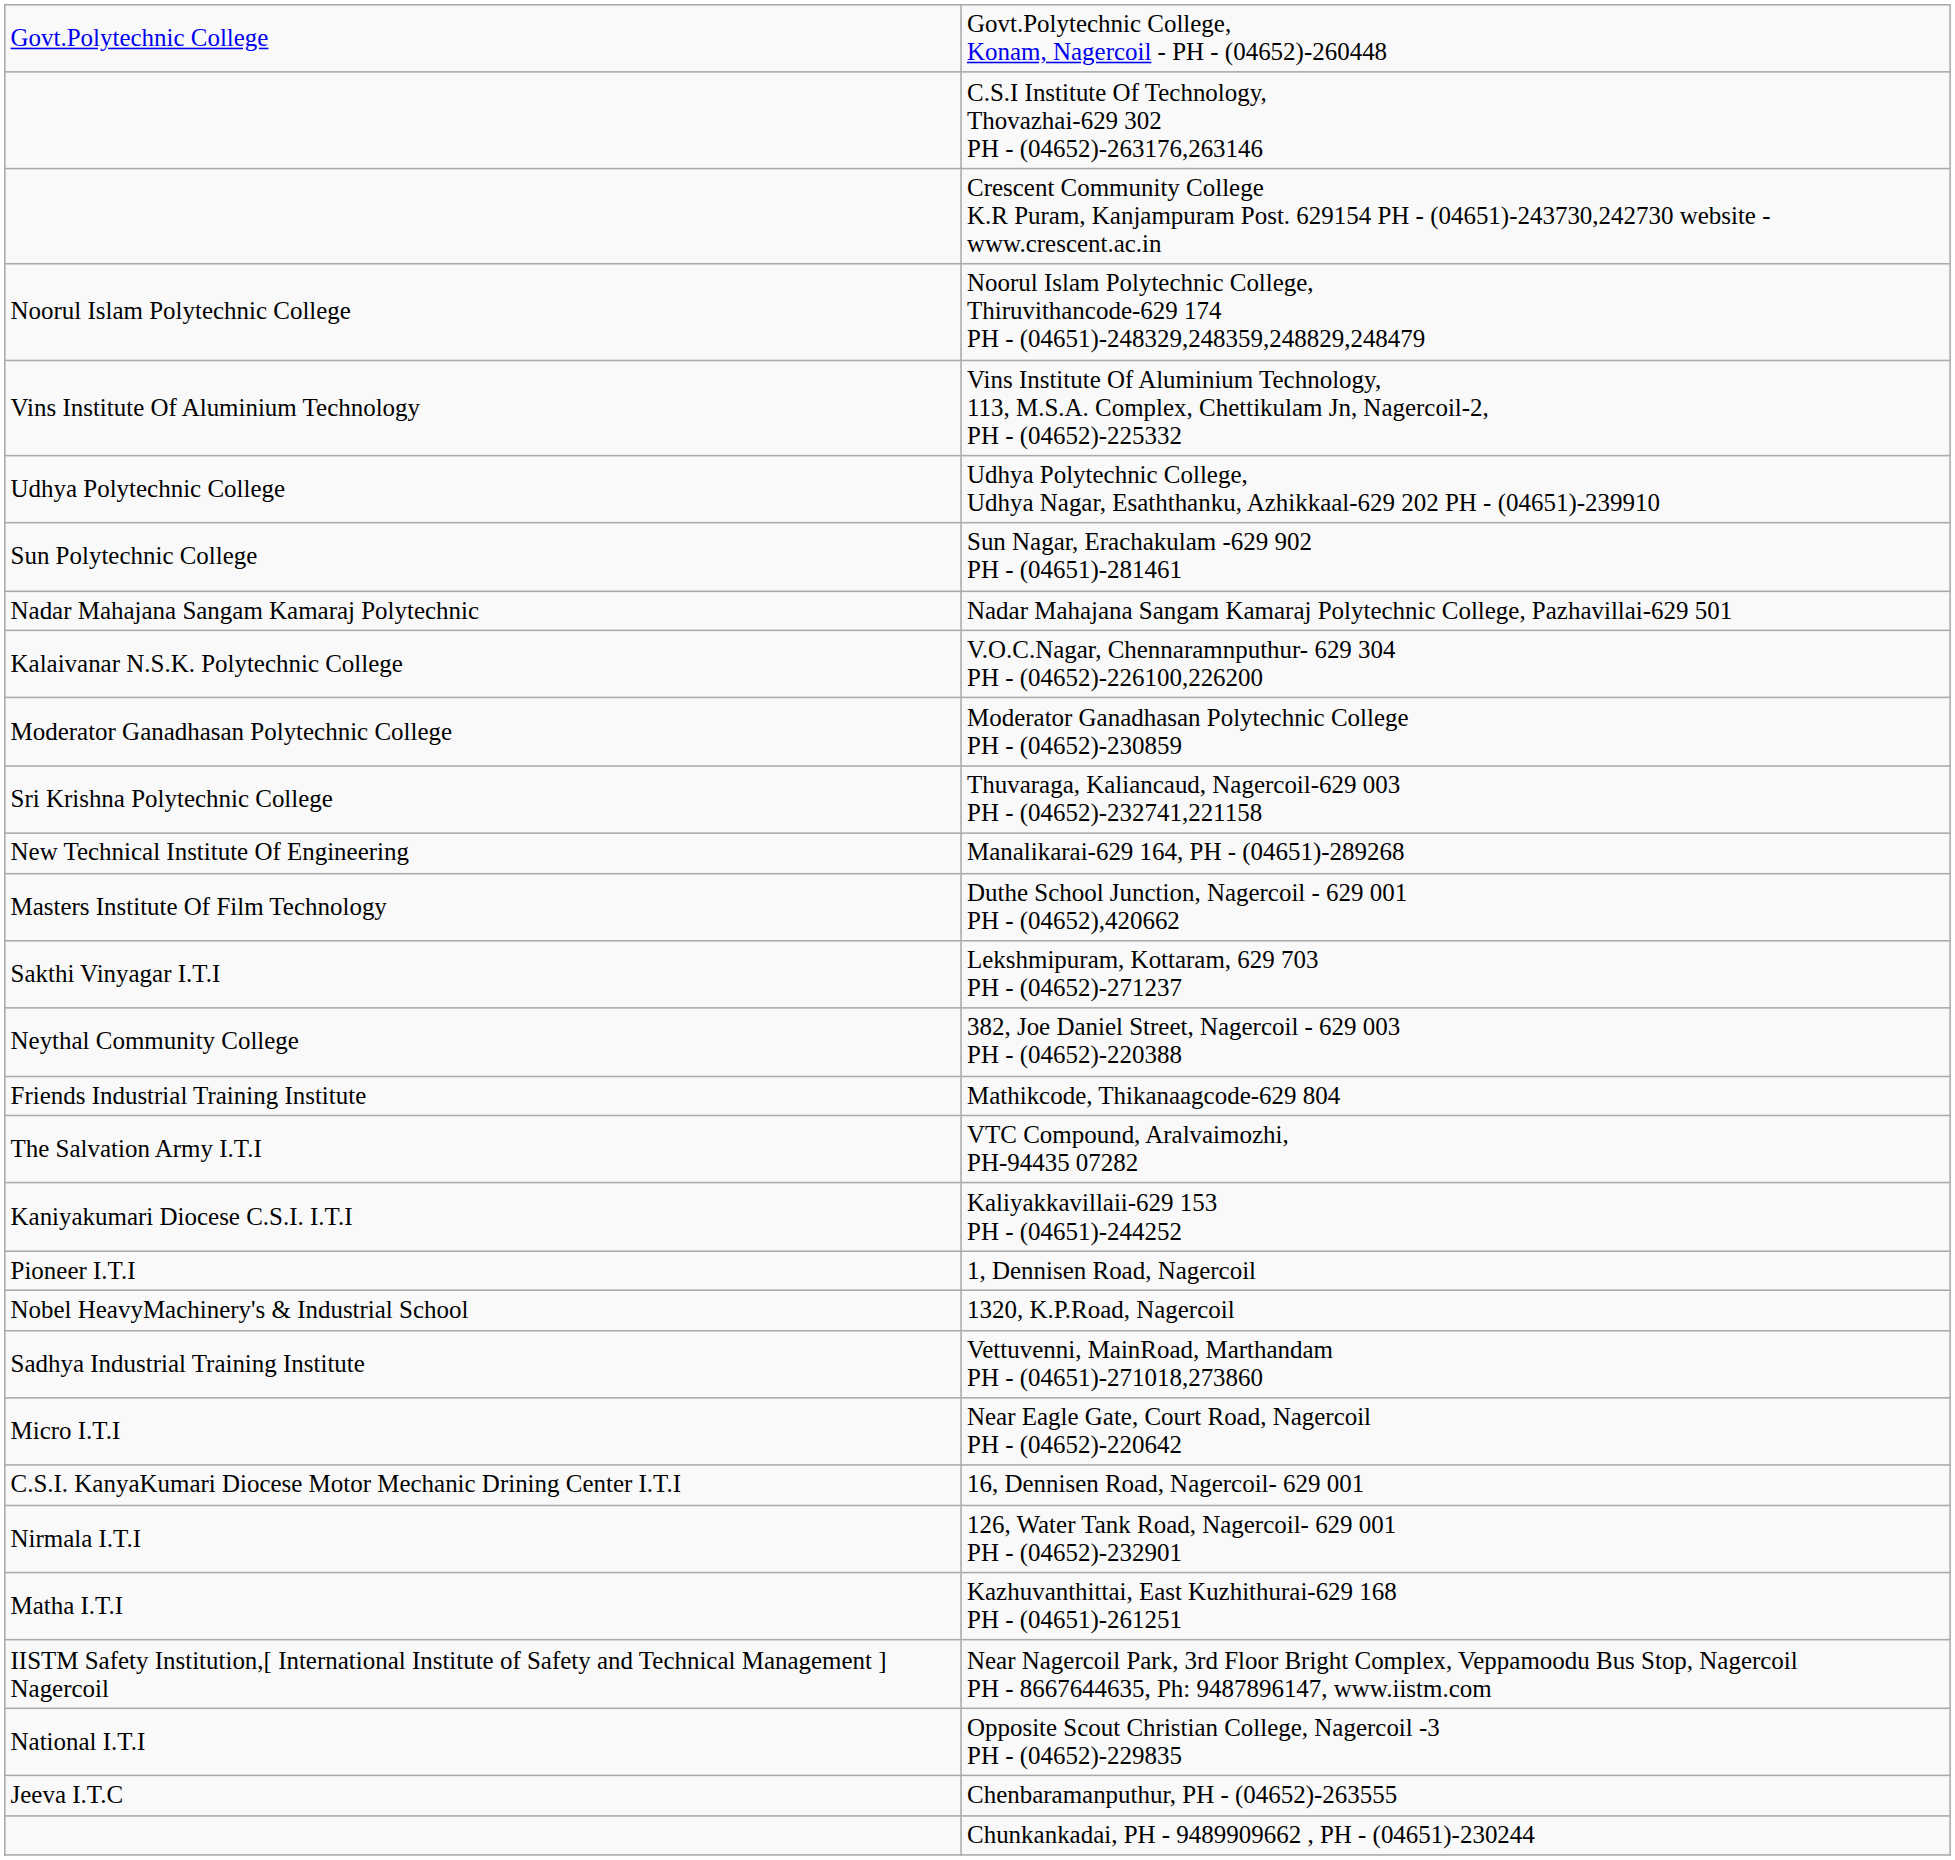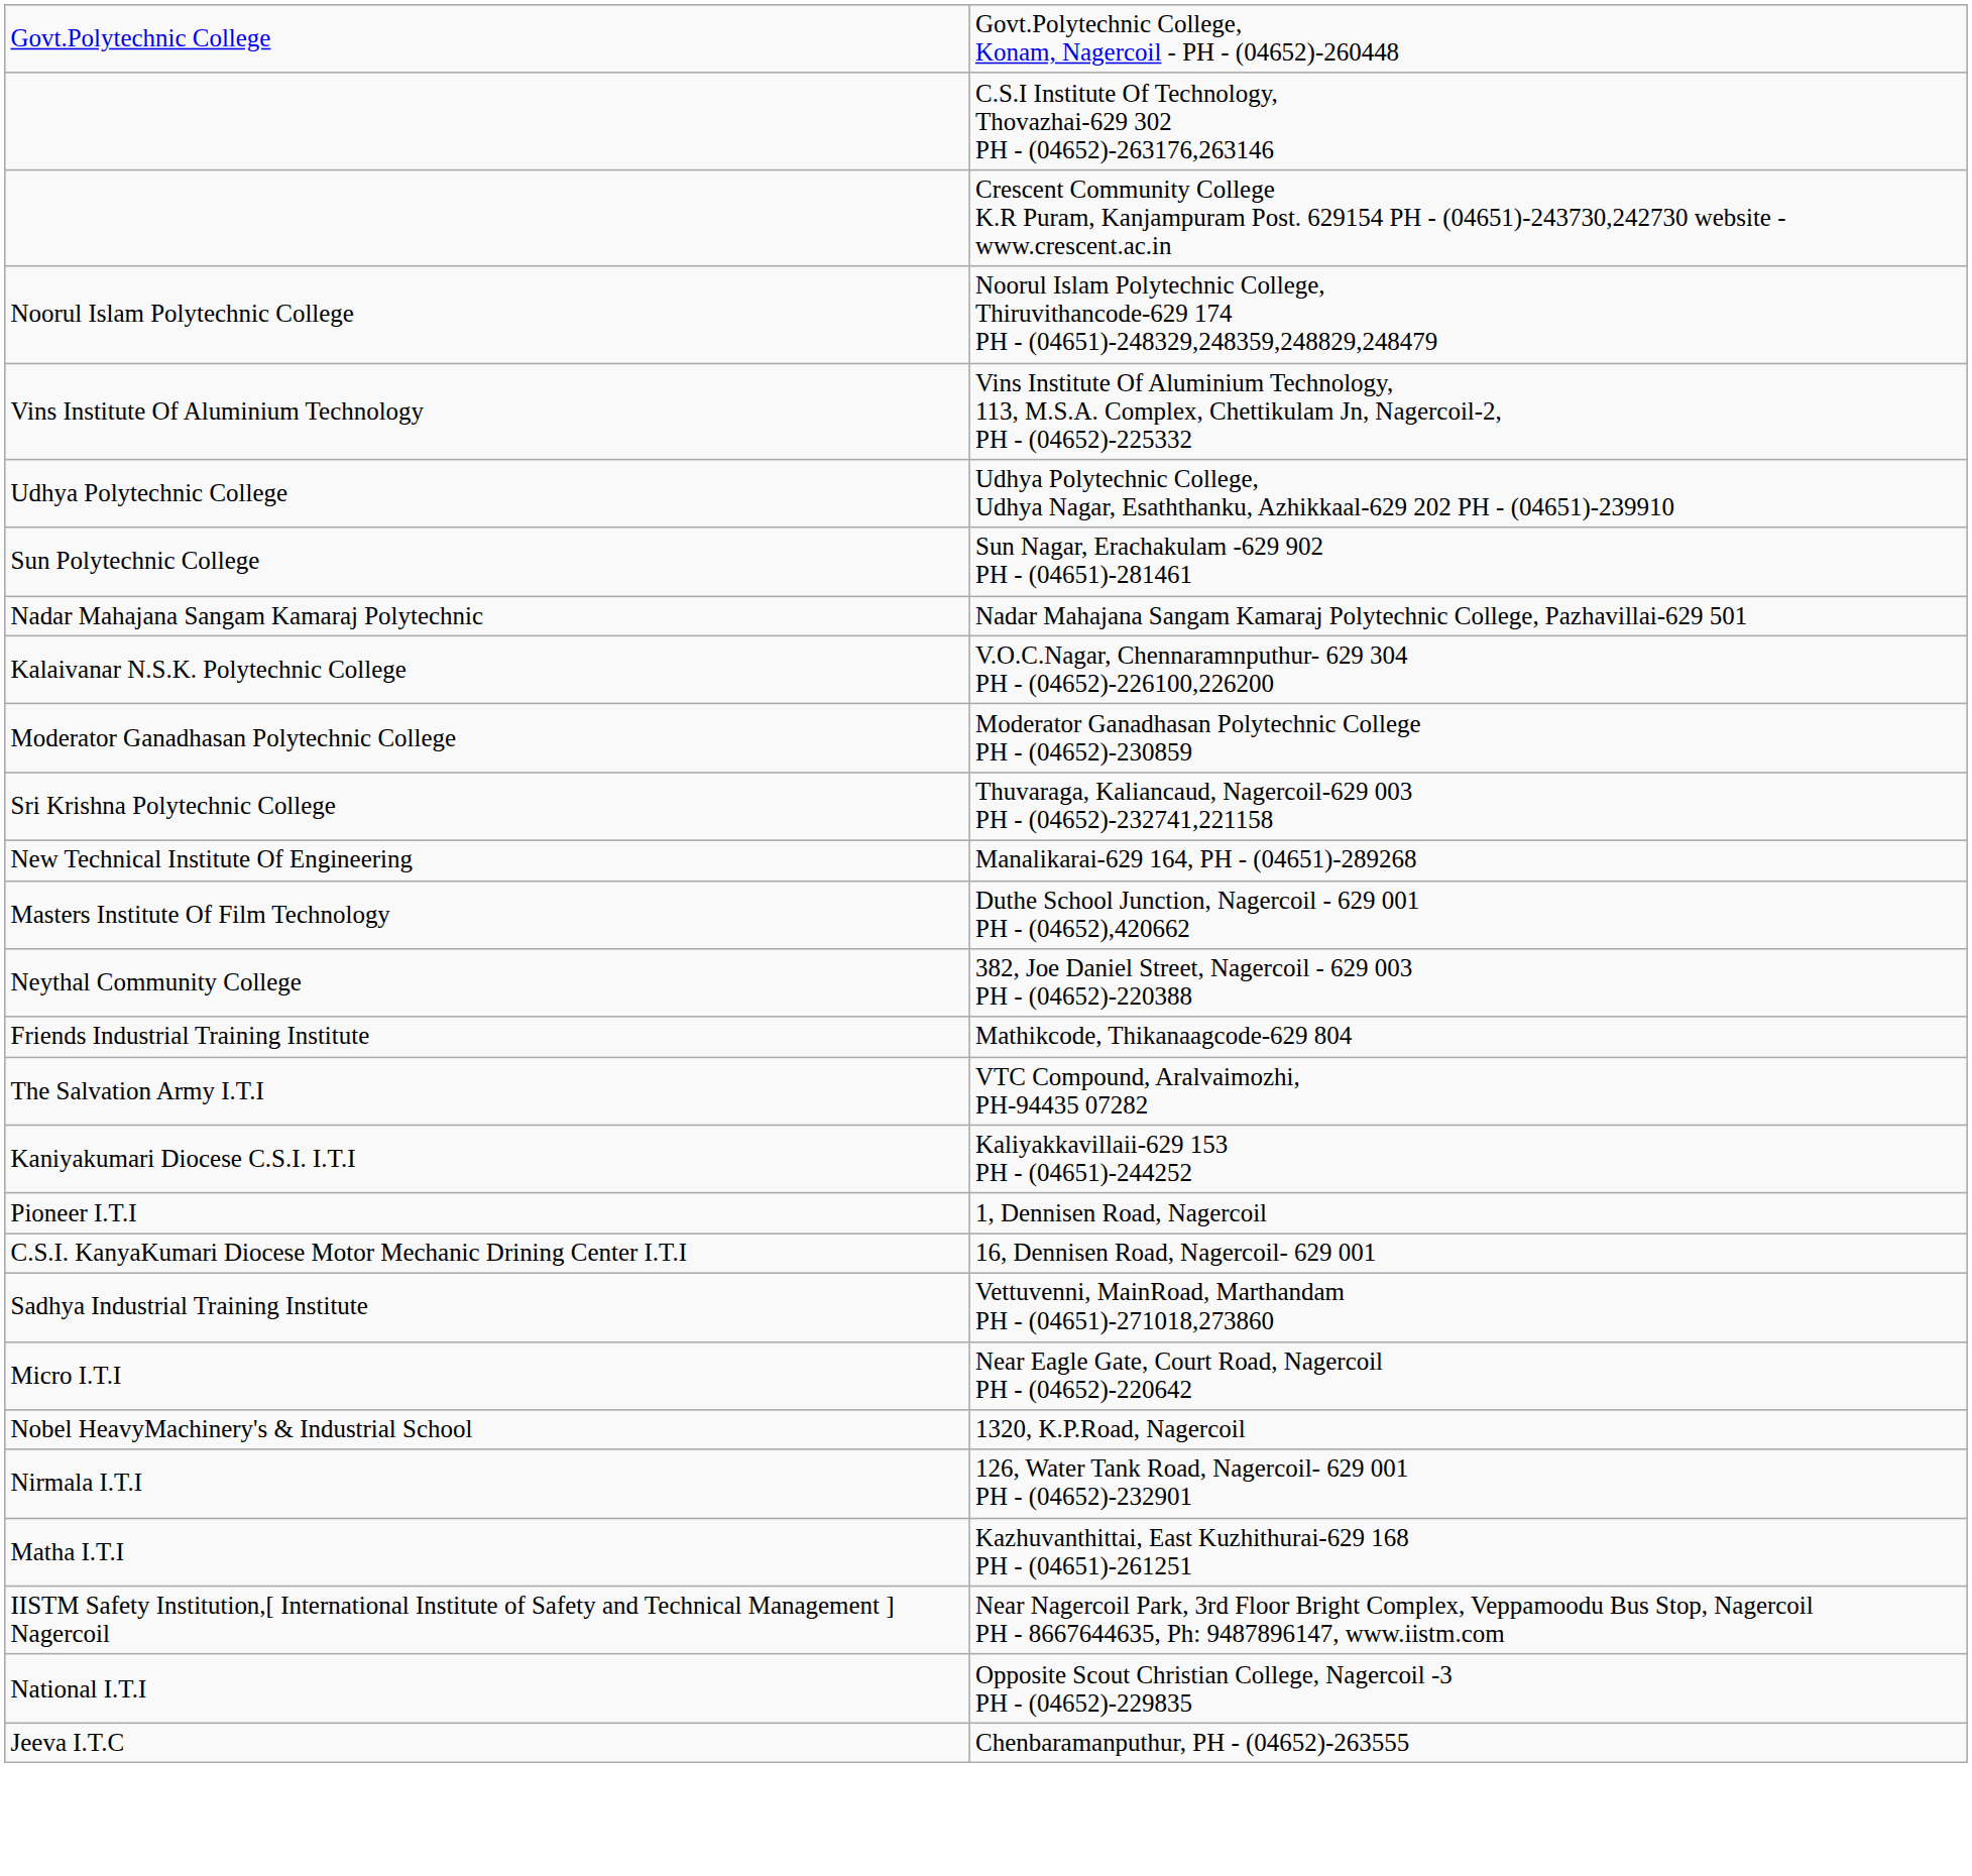 <table class="wikitable">
 <tr>
 <td><a href='#'>Govt.Polytechnic  College</a></td>
 <td>Govt.Polytechnic College,<br><a href='#'>Konam, Nagercoil</a> - PH - (04652)-260448</td>
 </tr>
 <tr>
 <td></td>
 <td>C.S.I  Institute Of Technology,<br>Thovazhai-629 302<br>PH - (04652)-263176,263146</td>
 </tr>
 <tr>
 <td></td>
 <td>Crescent Community College<br>K.R Puram, Kanjampuram Post.  629154  PH - (04651)-243730,242730 website - www.crescent.ac.in</td>
 </tr>
 <tr>
 <td>Noorul Islam  Polytechnic College</td>
 <td>Noorul Islam  Polytechnic College,<br>Thiruvithancode-629 174<br>PH - (04651)-248329,248359,248829,248479</td>
 </tr>
 <tr>
 <td>Vins  Institute Of Aluminium Technology</td>
 <td>Vins  Institute Of Aluminium Technology,<br>113, M.S.A. Complex, Chettikulam Jn, Nagercoil-2,<br>PH - (04652)-225332</td>
 </tr>
 <tr>
 <td>Udhya  Polytechnic College</td>
 <td>Udhya  Polytechnic College,<br>Udhya Nagar, Esaththanku, Azhikkaal-629 202 PH - (04651)-239910</td>
 </tr>
 <tr>
 <td>Sun  Polytechnic College</td>
 <td>Sun  Nagar, Erachakulam -629 902<br>PH - (04651)-281461</td>
 </tr>
 <tr>
 <td>Nadar Mahajana  Sangam Kamaraj Polytechnic</td>
 <td>Nadar  Mahajana Sangam Kamaraj Polytechnic College, Pazhavillai-629 501</td>
 </tr>
 <tr>
 <td>Kalaivanar  N.S.K. Polytechnic College</td>
 <td>V.O.C.Nagar,  Chennaramnputhur- 629 304<br>PH - (04652)-226100,226200</td>
 </tr>
 <tr>
 <td>Moderator  Ganadhasan Polytechnic College</td>
 <td>Moderator  Ganadhasan Polytechnic College<br>PH - (04652)-230859</td>
 </tr>
 <tr>
 <td>Sri Krishna  Polytechnic College</td>
 <td>Thuvaraga, Kaliancaud, Nagercoil-629  003<br>PH - (04652)-232741,221158</td>
 </tr>
 <tr>
 <td>New  Technical Institute Of Engineering</td>
 <td>Manalikarai-629  164, PH - (04651)-289268</td>
 </tr>
 <tr>
 <td>Masters  Institute Of Film Technology</td>
 <td>Duthe  School Junction, Nagercoil - 629 001<br>PH - (04652),420662</td>
 </tr>
 <tr>
-<td>Sakthi  Vinyagar I.T.I</td>
-<td>Lekshmipuram,  Kottaram, 629 703<br>PH - (04652)-271237</td>
-</tr>
-<tr>
 <td>Neythal  Community College</td>
 <td>382,  Joe Daniel Street, Nagercoil - 629 003<br>PH - (04652)-220388</td>
 </tr>
 <tr>
 <td>Friends Industrial Training Institute</td>
 <td>Mathikcode, Thikanaagcode-629  804</td>
 </tr>
 <tr>
 <td>The Salvation Army I.T.I</td>
 <td>VTC Compound, Aralvaimozhi,<br>PH-94435 07282</td>
 </tr>
 <tr>
 <td>Kaniyakumari  Diocese C.S.I. I.T.I</td>
 <td>Kaliyakkavillaii-629  153<br>PH - (04651)-244252</td>
 </tr>
 <tr>
 <td>Pioneer  I.T.I</td>
 <td>1,  Dennisen Road, Nagercoil</td>
 </tr>
 <tr>
-<td>Nobel  HeavyMachinery's & Industrial School</td>
-<td>1320,  K.P.Road, Nagercoil</td>
+<td>C.S.I.  KanyaKumari Diocese Motor Mechanic Drining Center I.T.I</td>
+<td>16, Dennisen Road, Nagercoil- 629 001</td>
 </tr>
 <tr>
 <td>Sadhya  Industrial Training Institute</td>
 <td>Vettuvenni,  MainRoad, Marthandam<br>PH - (04651)-271018,273860</td>
 </tr>
 <tr>
 <td>Micro I.T.I</td>
 <td>Near  Eagle Gate, Court Road, Nagercoil<br>PH - (04652)-220642</td>
 </tr>
 <tr>
-<td>C.S.I.  KanyaKumari Diocese Motor Mechanic Drining Center I.T.I</td>
-<td>16, Dennisen Road, Nagercoil- 629 001</td>
+<td>Nobel  HeavyMachinery's & Industrial School</td>
+<td>1320,  K.P.Road, Nagercoil</td>
 </tr>
 <tr>
 <td>Nirmala  I.T.I</td>
 <td>126,  Water Tank Road, Nagercoil- 629 001<br>PH - (04652)-232901</td>
 </tr>
 <tr>
 <td>Matha I.T.I</td>
 <td>Kazhuvanthittai,  East Kuzhithurai-629 168<br>PH - (04651)-261251</td>
 </tr>
 <tr>
 <td>IISTM Safety Institution,[ International Institute of Safety and Technical Management ] Nagercoil</td>
 <td>Near Nagercoil Park, 3rd Floor Bright Complex, Veppamoodu Bus Stop,  Nagercoil<br>PH - 8667644635, Ph: 9487896147, www.iistm.com</td>
 </tr>
 <tr>
 <td>National  I.T.I</td>
 <td>Opposite  Scout Christian College, Nagercoil -3<br>PH - (04652)-229835</td>
 </tr>
 <tr>
 <td>Jeeva I.T.C</td>
 <td>Chenbaramanputhur,  PH - (04652)-263555</td>
 </tr>
-<tr>
-<td></td>
-<td>Chunkankadai, PH - 9489909662 , PH - (04651)-230244</td>
-</tr>
 </table>
